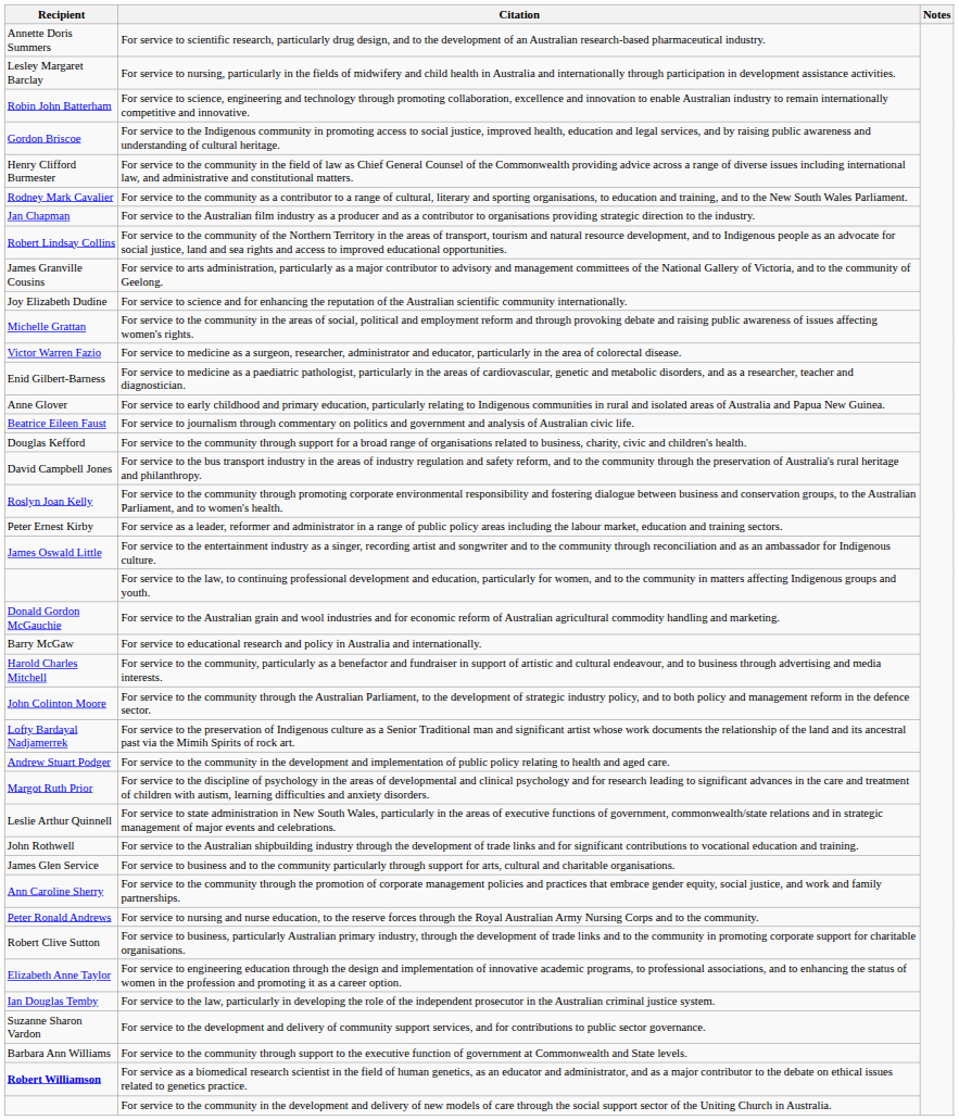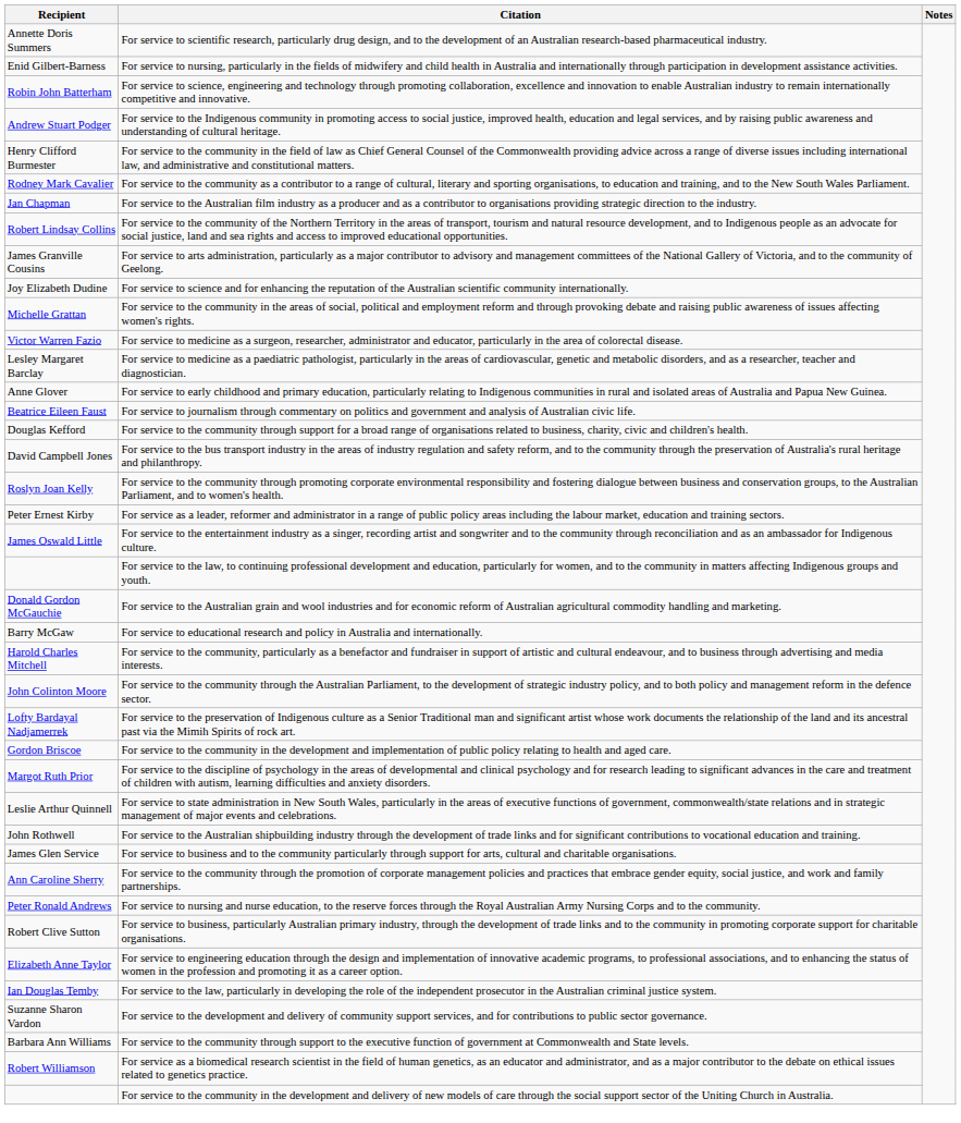 <table class="wikitable" style="font-size:95%;">
 <tr>
 <th>Recipient</th>
 <th>Citation</th>
 <th>Notes</th>
 </tr>
 <tr>
 <td> Annette Doris Summers </td>
 <td>For service to scientific research, particularly drug design, and to the development of an Australian research-based pharmaceutical industry.</td>
 <td rowspan=50></td>
 </tr>
 <tr>
-<td> Lesley Margaret Barclay</td>
+<td> Enid Gilbert-Barness</td>
 <td>For service to nursing, particularly in the fields of midwifery and child health in Australia and internationally through participation in development assistance activities.</td>
 </tr>
 <tr>
 <td> <a href='#'>Robin John Batterham</a></td>
 <td>For service to science, engineering and technology through promoting collaboration, excellence and innovation to enable Australian industry to remain internationally competitive and innovative.</td>
 </tr>
 <tr>
-<td> <a href='#'>Gordon Briscoe</a></td>
+<td><a href='#'>Andrew Stuart Podger</a></td>
 <td>For service to the Indigenous community in promoting access to social justice, improved health, education and legal services, and by raising public awareness and understanding of cultural heritage.</td>
 </tr>
 <tr>
 <td>Henry Clifford Burmester </td>
 <td>For service to the community in the field of law as Chief General Counsel of the Commonwealth providing advice across a range of diverse issues including international law, and administrative and constitutional matters.</td>
 </tr>
 <tr>
 <td><a href='#'>Rodney Mark Cavalier</a></td>
 <td>For service to the community as a contributor to a range of cultural, literary and sporting organisations, to education and training, and to the New South Wales Parliament.</td>
 </tr>
 <tr>
 <td><a href='#'>Jan Chapman</a></td>
 <td>For service to the Australian film industry as a producer and as a contributor to organisations providing strategic direction to the industry.</td>
 </tr>
 <tr>
 <td> <a href='#'>Robert Lindsay Collins</a></td>
 <td>For service to the community of the Northern Territory in the areas of transport, tourism and natural resource development, and to Indigenous people as an advocate for social justice, land and sea rights and access to improved educational opportunities.</td>
 </tr>
 <tr>
 <td>James Granville Cousins</td>
 <td>For service to arts administration, particularly as a major contributor to advisory and management committees of the National Gallery of Victoria, and to the community of Geelong.</td>
 </tr>
 <tr>
 <td>Joy Elizabeth Dudine</td>
 <td>For service to science and for enhancing the reputation of the Australian scientific community internationally.</td>
 </tr>
 <tr>
 <td><a href='#'>Michelle Grattan</a></td>
 <td>For service to the community in the areas of social, political and employment reform and through provoking debate and raising public awareness of issues affecting women's rights.</td>
 </tr>
 <tr>
 <td> <a href='#'>Victor Warren Fazio</a></td>
 <td>For service to medicine as a surgeon, researcher, administrator and educator, particularly in the area of colorectal disease.</td>
 </tr>
 <tr>
-<td> Enid Gilbert-Barness</td>
+<td> Lesley Margaret Barclay</td>
 <td>For service to medicine as a paediatric pathologist, particularly in the areas of cardiovascular, genetic and metabolic disorders, and as a researcher, teacher and diagnostician.</td>
 </tr>
 <tr>
 <td>Anne Glover</td>
 <td>For service to early childhood and primary education, particularly relating to Indigenous communities in rural and isolated areas of Australia and Papua New Guinea.</td>
 </tr>
 <tr>
 <td><a href='#'>Beatrice Eileen Faust</a></td>
 <td>For service to journalism through commentary on politics and government and analysis of Australian civic life.</td>
 </tr>
 <tr>
 <td>Douglas Kefford</td>
 <td>For service to the community through support for a broad range of organisations related to business, charity, civic and children's health.</td>
 </tr>
 <tr>
 <td>David Campbell Jones </td>
 <td>For service to the bus transport industry in the areas of industry regulation and safety reform, and to the community through the preservation of Australia's rural heritage and philanthropy.</td>
 </tr>
 <tr>
 <td> <a href='#'>Roslyn Joan Kelly</a></td>
 <td>For service to the community through promoting corporate environmental responsibility and fostering dialogue between business and conservation groups, to the Australian Parliament, and to women's health.</td>
 </tr>
 <tr>
 <td>Peter Ernest Kirby</td>
 <td>For service as a leader, reformer and administrator in a range of public policy areas including the labour market, education and training sectors.</td>
 </tr>
 <tr>
 <td><a href='#'>James Oswald Little</a></td>
 <td>For service to the entertainment industry as a singer, recording artist and songwriter and to the community through reconciliation and as an ambassador for Indigenous culture.</td>
 </tr>
 <tr>
 <td></td>
 <td>For service to the law, to continuing professional development and education, particularly for women, and to the community in matters affecting Indigenous groups and youth.</td>
 </tr>
 <tr>
 <td><a href='#'>Donald Gordon McGauchie</a></td>
 <td>For service to the Australian grain and wool industries and for economic reform of Australian agricultural commodity handling and marketing.</td>
 </tr>
 <tr>
 <td> Barry McGaw</td>
 <td>For service to educational research and policy in Australia and internationally.</td>
 </tr>
 <tr>
 <td><a href='#'>Harold Charles Mitchell</a></td>
 <td>For service to the community, particularly as a benefactor and fundraiser in support of artistic and cultural endeavour, and to business through advertising and media interests.</td>
 </tr>
 <tr>
 <td> <a href='#'>John Colinton Moore</a></td>
 <td>For service to the community through the Australian Parliament, to the development of strategic industry policy, and to both policy and management reform in the defence sector.</td>
 </tr>
 <tr>
 <td><a href='#'>Lofty Bardayal Nadjamerrek</a></td>
 <td>For service to the preservation of Indigenous culture as a Senior Traditional man and significant artist whose work documents the relationship of the land and its ancestral past via the Mimih Spirits of rock art.</td>
 </tr>
 <tr>
-<td><a href='#'>Andrew Stuart Podger</a></td>
+<td> <a href='#'>Gordon Briscoe</a></td>
 <td>For service to the community in the development and implementation of public policy relating to health and aged care.</td>
 </tr>
 <tr>
 <td> <a href='#'>Margot Ruth Prior</a></td>
 <td>For service to the discipline of psychology in the areas of developmental and clinical psychology and for research leading to significant advances in the care and treatment of children with autism, learning difficulties and anxiety disorders.</td>
 </tr>
 <tr>
 <td>Leslie Arthur Quinnell</td>
 <td>For service to state administration in New South Wales, particularly in the areas of executive functions of government, commonwealth/state relations and in strategic management of major events and celebrations.</td>
 </tr>
 <tr>
 <td>John Rothwell</td>
 <td>For service to the Australian shipbuilding industry through the development of trade links and for significant contributions to vocational education and training.</td>
 </tr>
 <tr>
 <td>James Glen Service </td>
 <td>For service to business and to the community particularly through support for arts, cultural and charitable organisations.</td>
 </tr>
 <tr>
 <td><a href='#'>Ann Caroline Sherry</a></td>
 <td>For service to the community through the promotion of corporate management policies and practices that embrace gender equity, social justice, and work and family partnerships.</td>
 </tr>
 <tr>
 <td> <a href='#'>Peter Ronald Andrews</a></td>
 <td>For service to nursing and nurse education, to the reserve forces through the Royal Australian Army Nursing Corps and to the community.</td>
 </tr>
 <tr>
 <td>Robert Clive Sutton</td>
 <td>For service to business, particularly Australian primary industry, through the development of trade links and to the community in promoting corporate support for charitable organisations.</td>
 </tr>
 <tr>
 <td> <a href='#'>Elizabeth Anne Taylor</a></td>
 <td>For service to engineering education through the design and implementation of innovative academic programs, to professional associations, and to enhancing the status of women in the profession and promoting it as a career option.</td>
 </tr>
 <tr>
 <td><a href='#'>Ian Douglas Temby</a> </td>
 <td>For service to the law, particularly in developing the role of the independent prosecutor in the Australian criminal justice system.</td>
 </tr>
 <tr>
 <td>Suzanne Sharon Vardon</td>
 <td>For service to the development and delivery of community support services, and for contributions to public sector governance.</td>
 </tr>
 <tr>
 <td>Barbara Ann Williams</td>
 <td>For service to the community through support to the executive function of government at Commonwealth and State levels.</td>
 </tr>
 <tr>
-<td><strong> <a href='#'>Robert Williamson</a></strong></td>
+<td> <a href='#'>Robert Williamson</a></td>
 <td>For service as a biomedical research scientist in the field of human genetics, as an educator and administrator, and as a major contributor to the debate on ethical issues related to genetics practice.</td>
 </tr>
 <tr>
 <td></td>
 <td>For service to the community in the development and delivery of new models of care through the social support sector of the Uniting Church in Australia.</td>
 </tr>
 </table>
